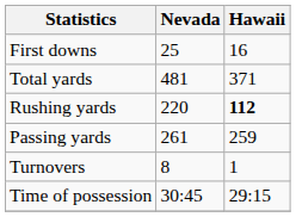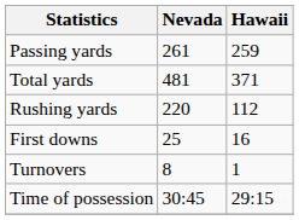 <table class="wikitable">
 <tr>
 <th>Statistics</th>
 <th>Nevada</th>
 <th>Hawaii</th>
 </tr>
 <tr>
-<td>First downs</td>
-<td>25</td>
-<td>16</td>
+<td>Passing yards</td>
+<td>261</td>
+<td>259</td>
 </tr>
 <tr>
 <td>Total yards</td>
 <td>481</td>
 <td>371</td>
 </tr>
 <tr>
 <td>Rushing yards</td>
 <td>220</td>
-<td><strong>112</strong></td>
+<td>112</td>
 </tr>
 <tr>
-<td>Passing yards</td>
-<td>261</td>
-<td>259</td>
+<td>First downs</td>
+<td>25</td>
+<td>16</td>
 </tr>
 <tr>
 <td>Turnovers</td>
 <td>8</td>
 <td>1</td>
 </tr>
 <tr>
 <td>Time of possession</td>
 <td>30:45</td>
 <td>29:15</td>
 </tr>
 <tr>
 </tr>
 </table>
